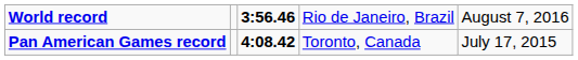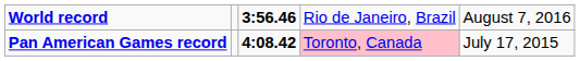 <table class="wikitable">
 <tr>
 <td><strong><a href='#'>World record</a></strong></td>
 <td></td>
 <td><strong>3:56.46</strong></td>
 <td><a href='#'>Rio de Janeiro</a>, <a href='#'>Brazil</a></td>
 <td>August 7, 2016</td>
 </tr>
 <tr>
 <td><strong><a href='#'>Pan American Games record</a></strong></td>
 <td></td>
 <td><strong>4:08.42</strong></td>
-<td><a href='#'>Toronto</a>, <a href='#'>Canada</a></td>
+<td style="background: pink;"><a href='#'>Toronto</a>, <a href='#'>Canada</a></td>
 <td>July 17, 2015</td>
 </tr>
 </table>
